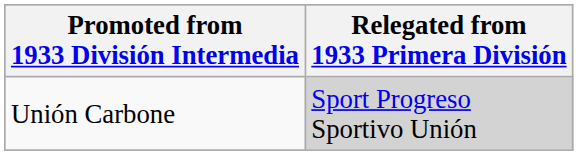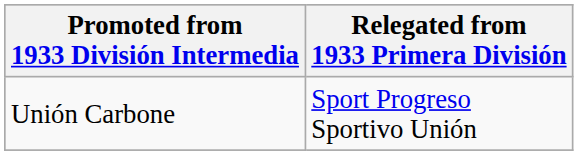 <table class="wikitable">
 <tr>
 <th>Promoted from<br><a href='#'>1933 División Intermedia</a></th>
 <th>Relegated from<br><a href='#'>1933 Primera División</a></th>
 </tr>
 <tr>
 <td> Unión Carbone </td>
-<td style="background: lightgrey;"> <a href='#'>Sport Progreso</a> <br> Sportivo Unión </td>
+<td> <a href='#'>Sport Progreso</a> <br> Sportivo Unión </td>
 </tr>
 </table>
